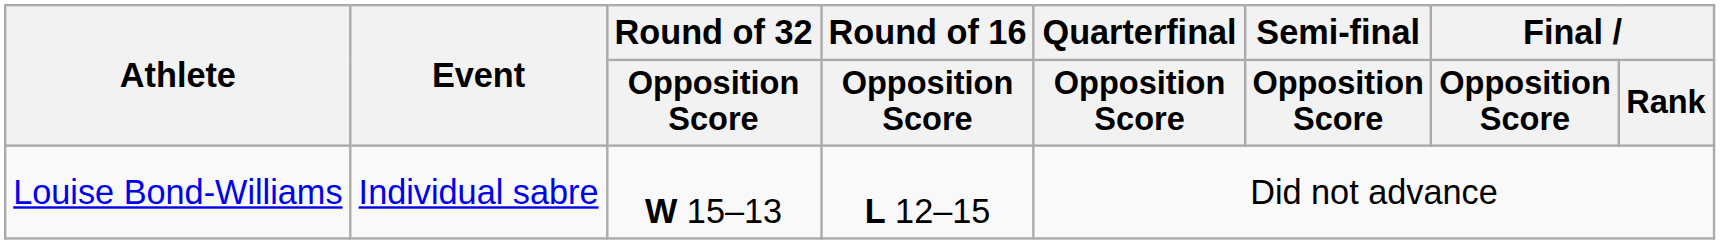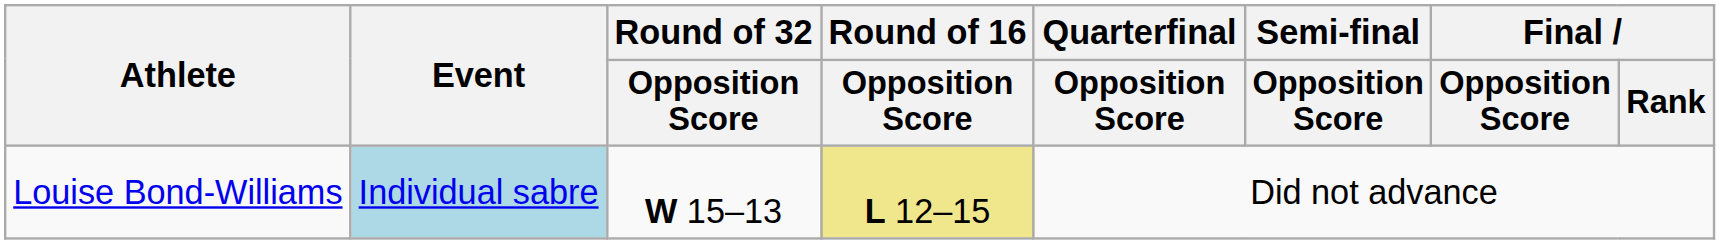 <table class="wikitable" style="font-size:90%">
 <tr>
 <th rowspan="2">Athlete</th>
 <th rowspan="2">Event</th>
 <th>Round of 32</th>
 <th>Round of 16</th>
 <th>Quarterfinal</th>
 <th>Semi-final</th>
 <th colspan=2>Final / </th>
 </tr>
 <tr style="font-size:95%">
 <th>Opposition <br> Score</th>
 <th>Opposition <br> Score</th>
 <th>Opposition <br> Score</th>
 <th>Opposition <br> Score</th>
 <th>Opposition <br> Score</th>
 <th>Rank</th>
 </tr>
 <tr align=center>
 <td align=left><a href='#'>Louise Bond-Williams</a></td>
-<td align=left><a href='#'>Individual sabre</a></td>
+<td align=left style="background: lightblue;"><a href='#'>Individual sabre</a></td>
 <td><br><strong>W</strong> 15–13</td>
-<td><br><strong>L</strong> 12–15</td>
+<td style="background: khaki;"><br><strong>L</strong> 12–15</td>
 <td colspan=4>Did not advance</td>
 </tr>
 </table>
